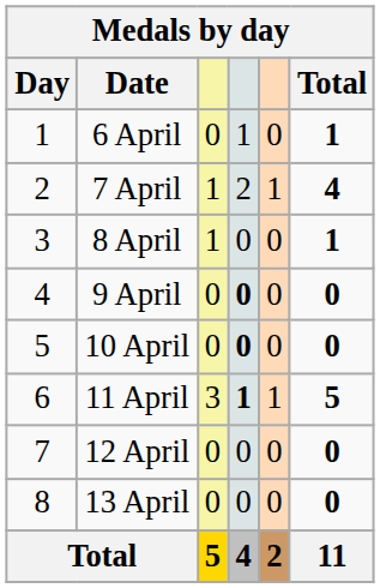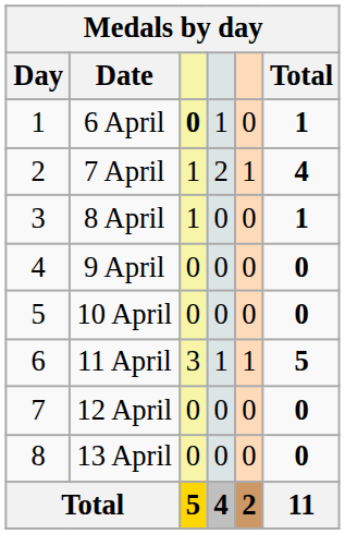 <table class=wikitable style=font-size:85%;float:right;text-align:center>
 <tr style="background:#efefef;">
 <th colspan=6>Medals by day</th>
 </tr>
 <tr>
 <th>Day</th>
 <th>Date</th>
 <td bgcolor=F7F6A8></td>
 <td bgcolor=DCE5E5></td>
 <td bgcolor=FFDAB9></td>
 <th>Total</th>
 </tr>
 <tr>
 <td>1</td>
 <td>6 April</td>
-<td bgcolor=F7F6A8>0</td>
+<td bgcolor=F7F6A8><strong>0</strong></td>
 <td bgcolor=DCE5E5>1</td>
 <td bgcolor=FFDAB9>0</td>
 <td><strong>1</strong></td>
 </tr>
 <tr style="text-align:center">
 <td>2</td>
 <td>7 April</td>
 <td bgcolor=F7F6A8>1</td>
 <td bgcolor=DCE5E5>2</td>
 <td bgcolor=FFDAB9>1</td>
 <td><strong>4</strong></td>
 </tr>
 <tr style="text-align:center">
 <td>3</td>
 <td>8 April</td>
 <td bgcolor=F7F6A8>1</td>
 <td bgcolor=DCE5E5>0</td>
 <td bgcolor=FFDAB9>0</td>
 <td><strong>1</strong></td>
 </tr>
 <tr style="text-align:center">
 <td>4</td>
 <td>9 April</td>
 <td bgcolor=F7F6A8>0</td>
-<td bgcolor=DCE5E5><strong>0</strong></td>
+<td bgcolor=DCE5E5>0</td>
 <td bgcolor=FFDAB9>0</td>
 <td><strong>0</strong></td>
 </tr>
 <tr style="text-align:center">
 <td>5</td>
 <td>10 April</td>
 <td bgcolor=F7F6A8>0</td>
-<td bgcolor=DCE5E5><strong>0</strong></td>
+<td bgcolor=DCE5E5>0</td>
 <td bgcolor=FFDAB9>0</td>
 <td><strong>0</strong></td>
 </tr>
 <tr style="text-align:center">
 <td>6</td>
 <td>11 April</td>
 <td bgcolor=F7F6A8>3</td>
-<td bgcolor=DCE5E5><strong>1</strong></td>
+<td bgcolor=DCE5E5>1</td>
 <td bgcolor=FFDAB9>1</td>
 <td><strong>5</strong></td>
 </tr>
 <tr style="text-align:center">
 <td>7</td>
 <td>12 April</td>
 <td bgcolor=F7F6A8>0</td>
 <td bgcolor=DCE5E5>0</td>
 <td bgcolor=FFDAB9>0</td>
 <td><strong>0</strong></td>
 </tr>
 <tr style="text-align:center">
 <td>8</td>
 <td>13 April</td>
 <td bgcolor=F7F6A8>0</td>
 <td bgcolor=DCE5E5>0</td>
 <td bgcolor=FFDAB9>0</td>
 <td><strong>0</strong></td>
 </tr>
 <tr>
 <th colspan=2>Total</th>
 <th style="background:gold">5</th>
 <th style="background:silver">4</th>
 <th style="background:#c96">2</th>
 <th>11</th>
 </tr>
 </table>
